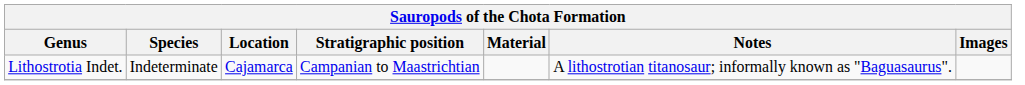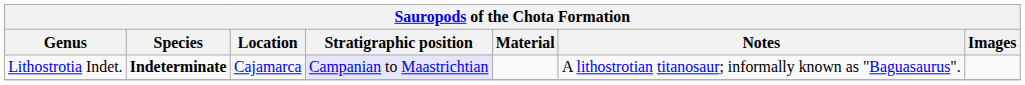 <table class="wikitable" align="center">
 <tr>
 <th colspan="7" align="center"><a href='#'>Sauropods</a> of the Chota Formation</th>
 </tr>
 <tr>
 <th>Genus</th>
 <th>Species</th>
 <th>Location</th>
 <th>Stratigraphic position</th>
 <th>Material</th>
 <th>Notes</th>
 <th>Images</th>
 </tr>
 <tr>
 <td><a href='#'>Lithostrotia</a> Indet.</td>
-<td>Indeterminate</td>
+<td><strong>Indeterminate</strong></td>
 <td><a href='#'>Cajamarca</a></td>
-<td><a href='#'>Campanian</a> to <a href='#'>Maastrichtian</a></td>
+<td style="background: lavender;"><a href='#'>Campanian</a> to <a href='#'>Maastrichtian</a></td>
 <td></td>
 <td>A <a href='#'>lithostrotian</a> <a href='#'>titanosaur</a>; informally known as "<a href='#'>Baguasaurus</a>".</td>
 <td></td>
 </tr>
 <tr>
 </tr>
 </table>
